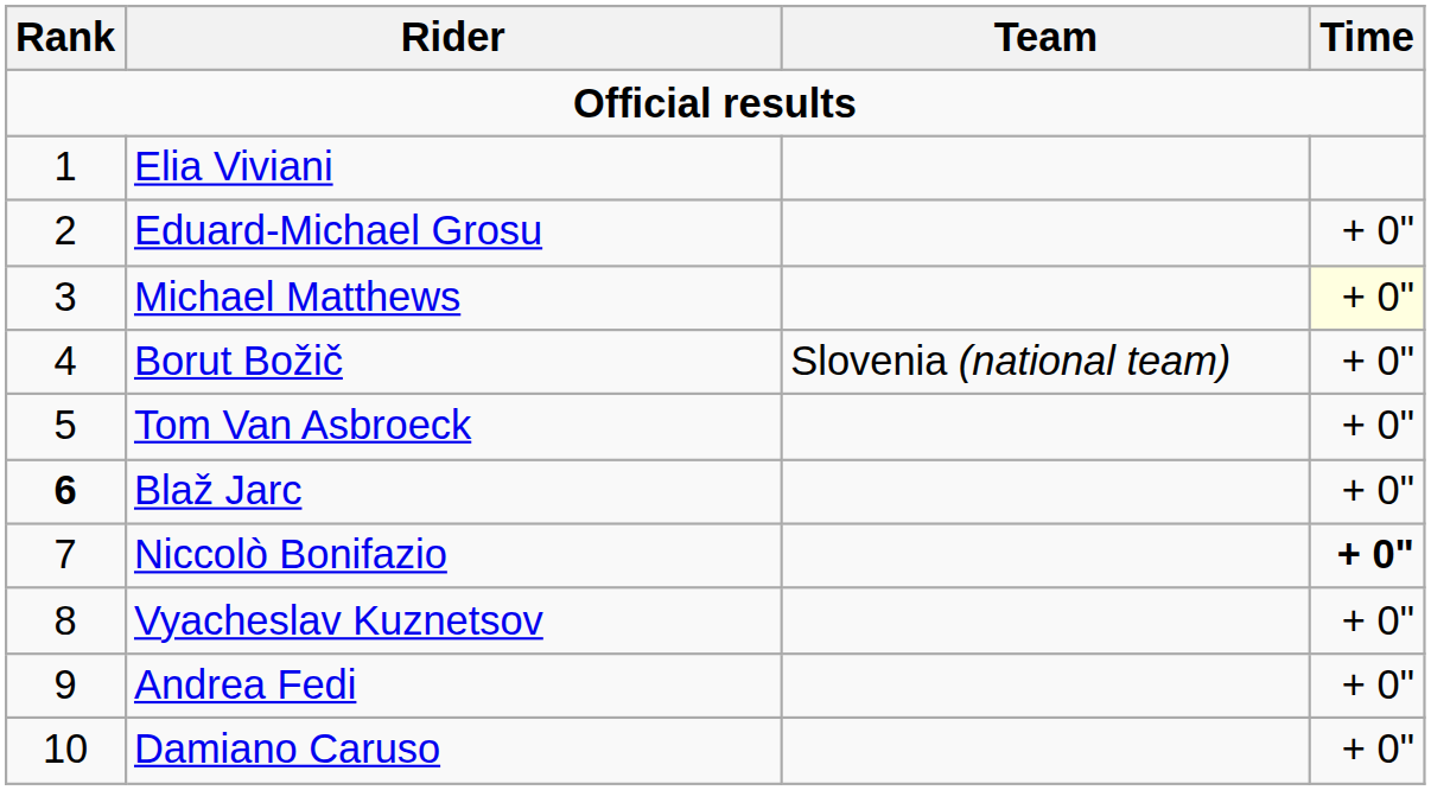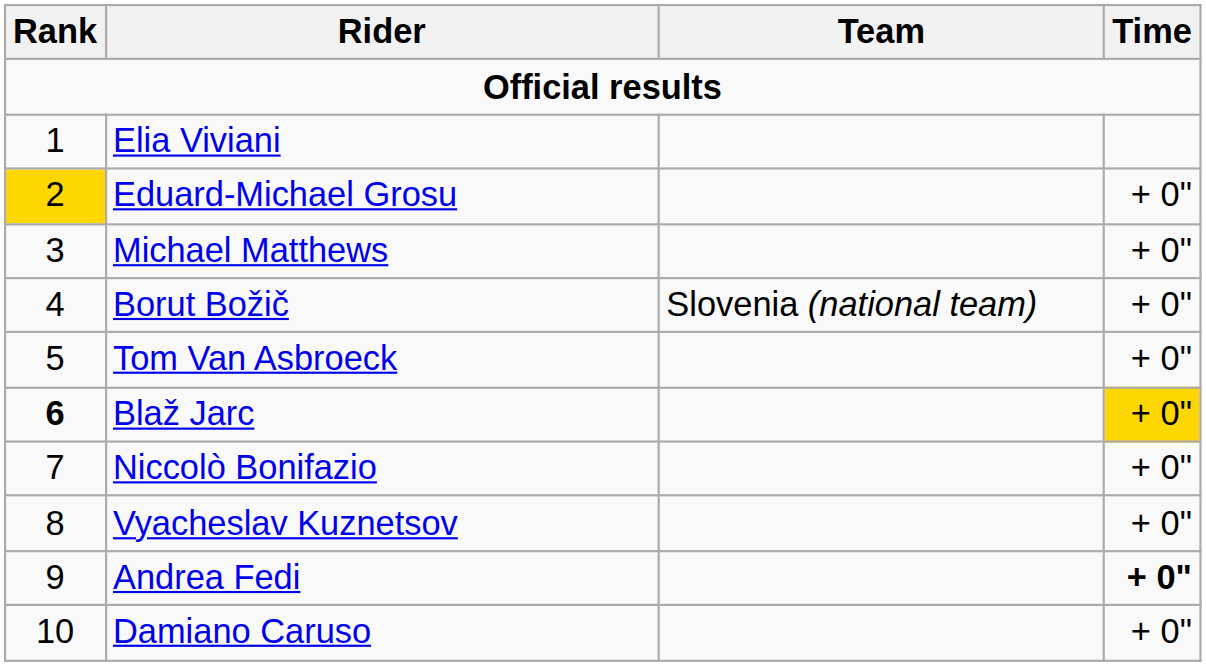 <table class="wikitable">
 <tr>
 <th>Rank</th>
 <th>Rider</th>
 <th>Team</th>
 <th>Time</th>
 </tr>
 <tr>
 <td colspan=4 align=center><strong>Official results</strong></td>
 </tr>
 <tr>
 <td style="text-align:center;">1</td>
 <td width=250px> <a href='#'>Elia Viviani</a></td>
 <td width=200px></td>
 <td style="text-align:right;"></td>
 </tr>
 <tr>
-<td style="text-align:center;">2</td>
+<td style="background: gold; text-align:center;">2</td>
 <td> <a href='#'>Eduard-Michael Grosu</a></td>
 <td></td>
 <td style="text-align:right;">+ 0"</td>
 </tr>
 <tr>
 <td style="text-align:center;">3</td>
 <td> <a href='#'>Michael Matthews</a> </td>
 <td></td>
-<td style="background: lightyellow; text-align:right;">+ 0"</td>
+<td style="text-align:right;">+ 0"</td>
 </tr>
 <tr>
 <td style="text-align:center;">4</td>
 <td> <a href='#'>Borut Božič</a></td>
 <td>Slovenia <em>(national team)</em></td>
 <td style="text-align:right;">+ 0"</td>
 </tr>
 <tr>
 <td style="text-align:center;">5</td>
 <td> <a href='#'>Tom Van Asbroeck</a></td>
 <td></td>
 <td style="text-align:right;">+ 0"</td>
 </tr>
 <tr>
 <td style="text-align:center;"><strong>6</strong></td>
 <td> <a href='#'>Blaž Jarc</a></td>
 <td></td>
-<td style="text-align:right;">+ 0"</td>
+<td style="background: gold; text-align:right;">+ 0"</td>
 </tr>
 <tr>
 <td style="text-align:center;">7</td>
 <td> <a href='#'>Niccolò Bonifazio</a></td>
 <td></td>
-<td style="text-align:right;"><strong>+ 0"</strong></td>
+<td style="text-align:right;">+ 0"</td>
 </tr>
 <tr>
 <td style="text-align:center;">8</td>
 <td> <a href='#'>Vyacheslav Kuznetsov</a></td>
 <td></td>
 <td style="text-align:right;">+ 0"</td>
 </tr>
 <tr>
 <td style="text-align:center;">9</td>
 <td> <a href='#'>Andrea Fedi</a></td>
 <td></td>
-<td style="text-align:right;">+ 0"</td>
+<td style="text-align:right;"><strong>+ 0"</strong></td>
 </tr>
 <tr>
 <td style="text-align:center;">10</td>
 <td> <a href='#'>Damiano Caruso</a></td>
 <td></td>
 <td style="text-align:right;">+ 0"</td>
 </tr>
 </table>
